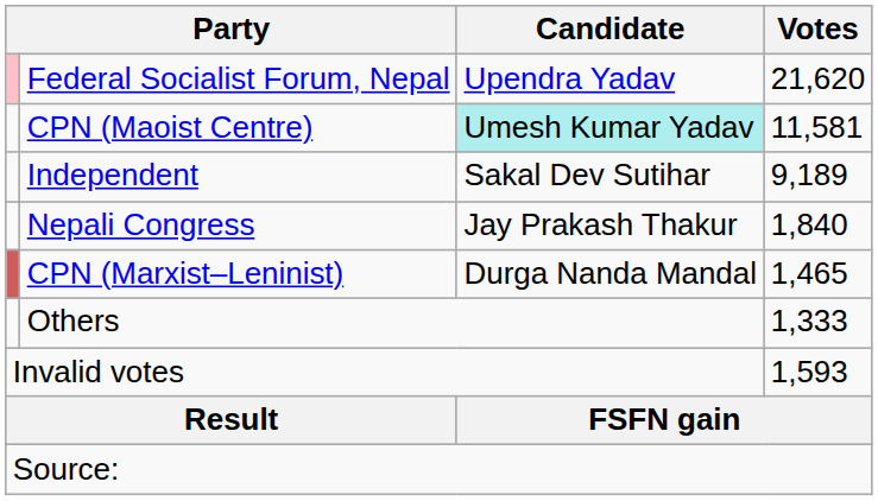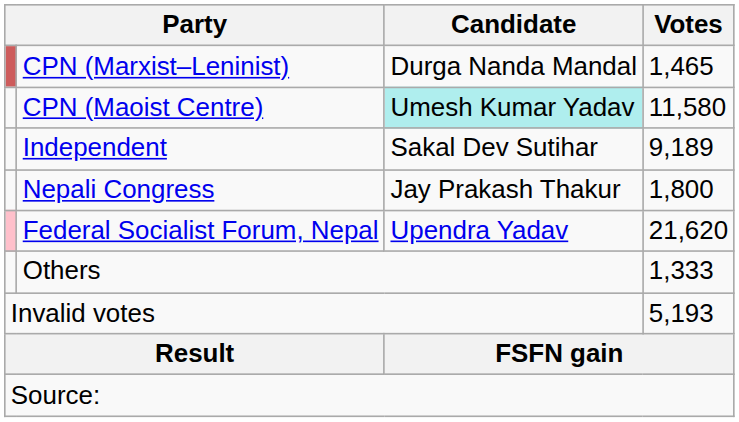 <table class="wikitable">
 <tr>
 <th colspan="2">Party</th>
 <th>Candidate</th>
 <th>Votes</th>
 </tr>
 <tr>
-<td style="background-color:#ffc0cb"></td>
-<td><a href='#'>Federal Socialist Forum, Nepal</a></td>
-<td><a href='#'>Upendra Yadav</a></td>
-<td>21,620</td>
+<td style="background-color:indianred"></td>
+<td><a href='#'>CPN (Marxist–Leninist)</a></td>
+<td>Durga Nanda Mandal</td>
+<td>1,465</td>
 </tr>
 <tr>
 <td style="background-color:"></td>
 <td><a href='#'>CPN (Maoist Centre)</a></td>
 <td style="background: paleturquoise;">Umesh Kumar Yadav</td>
-<td>11,581</td>
+<td>11,580</td>
 </tr>
 <tr>
 <td style="background-color:"></td>
 <td><a href='#'>Independent</a></td>
 <td>Sakal Dev Sutihar</td>
 <td>9,189</td>
 </tr>
 <tr>
 <td style="background-color:"></td>
 <td><a href='#'>Nepali Congress</a></td>
 <td>Jay Prakash Thakur</td>
-<td>1,840</td>
+<td>1,800</td>
 </tr>
 <tr>
-<td style="background-color:indianred"></td>
-<td><a href='#'>CPN (Marxist–Leninist)</a></td>
-<td>Durga Nanda Mandal</td>
-<td>1,465</td>
+<td style="background-color:#ffc0cb"></td>
+<td><a href='#'>Federal Socialist Forum, Nepal</a></td>
+<td><a href='#'>Upendra Yadav</a></td>
+<td>21,620</td>
 </tr>
 <tr>
 <td></td>
 <td colspan="2">Others</td>
 <td>1,333</td>
 </tr>
 <tr>
 <td colspan="3">Invalid votes</td>
-<td>1,593</td>
+<td>5,193</td>
 </tr>
 <tr>
 <th colspan="2">Result</th>
 <th colspan="2">FSFN gain</th>
 </tr>
 <tr>
 <td colspan="4">Source: </td>
 </tr>
 </table>
